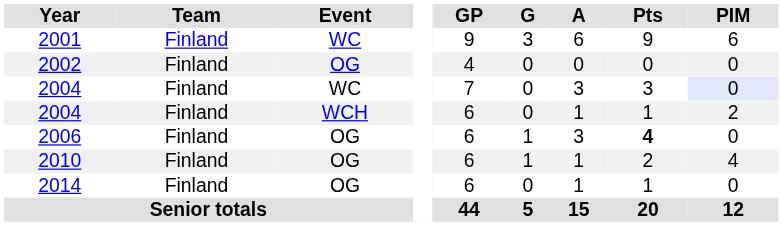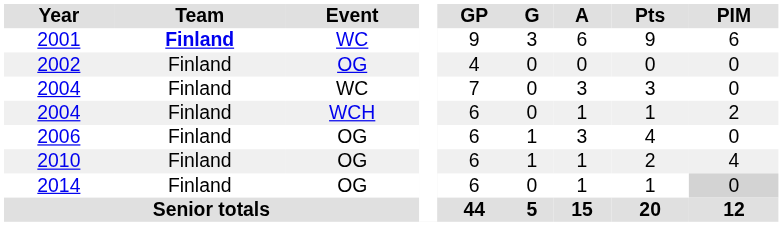 <table border="0" cellpadding="1" cellspacing="0" style="text-align:center; width:40em">
 <tr ALIGN="center" bgcolor="#e0e0e0">
 <th>Year</th>
 <th>Team</th>
 <th>Event</th>
 <th rowspan="99" bgcolor="#ffffff"> </th>
 <th>GP</th>
 <th>G</th>
 <th>A</th>
 <th>Pts</th>
 <th>PIM</th>
 </tr>
 <tr>
 <td><a href='#'>2001</a></td>
-<td><a href='#'>Finland</a></td>
+<td><strong><a href='#'>Finland</a></strong></td>
 <td><a href='#'>WC</a></td>
 <td>9</td>
 <td>3</td>
 <td>6</td>
 <td>9</td>
 <td>6</td>
 </tr>
 <tr bgcolor="#f0f0f0">
 <td><a href='#'>2002</a></td>
 <td>Finland</td>
 <td><a href='#'>OG</a></td>
 <td>4</td>
 <td>0</td>
 <td>0</td>
 <td>0</td>
 <td>0</td>
 </tr>
 <tr>
 <td><a href='#'>2004</a></td>
 <td>Finland</td>
 <td>WC</td>
 <td>7</td>
 <td>0</td>
 <td>3</td>
 <td>3</td>
-<td style="background: lavender;">0</td>
+<td>0</td>
 </tr>
 <tr bgcolor="#f0f0f0">
 <td><a href='#'>2004</a></td>
 <td>Finland</td>
 <td><a href='#'>WCH</a></td>
 <td>6</td>
 <td>0</td>
 <td>1</td>
 <td>1</td>
 <td>2</td>
 </tr>
 <tr>
 <td><a href='#'>2006</a></td>
 <td>Finland</td>
 <td>OG</td>
 <td>6</td>
 <td>1</td>
 <td>3</td>
-<td><strong>4</strong></td>
+<td>4</td>
 <td>0</td>
 </tr>
 <tr bgcolor="#f0f0f0">
 <td><a href='#'>2010</a></td>
 <td>Finland</td>
 <td>OG</td>
 <td>6</td>
 <td>1</td>
 <td>1</td>
 <td>2</td>
 <td>4</td>
 </tr>
 <tr>
 <td><a href='#'>2014</a></td>
 <td>Finland</td>
 <td>OG</td>
 <td>6</td>
 <td>0</td>
 <td>1</td>
 <td>1</td>
-<td>0</td>
+<td style="background: lightgrey;">0</td>
 </tr>
 <tr bgcolor="#e0e0e0">
 <th colspan="3">Senior totals</th>
 <th>44</th>
 <th>5</th>
 <th>15</th>
 <th>20</th>
 <th>12</th>
 </tr>
 </table>
